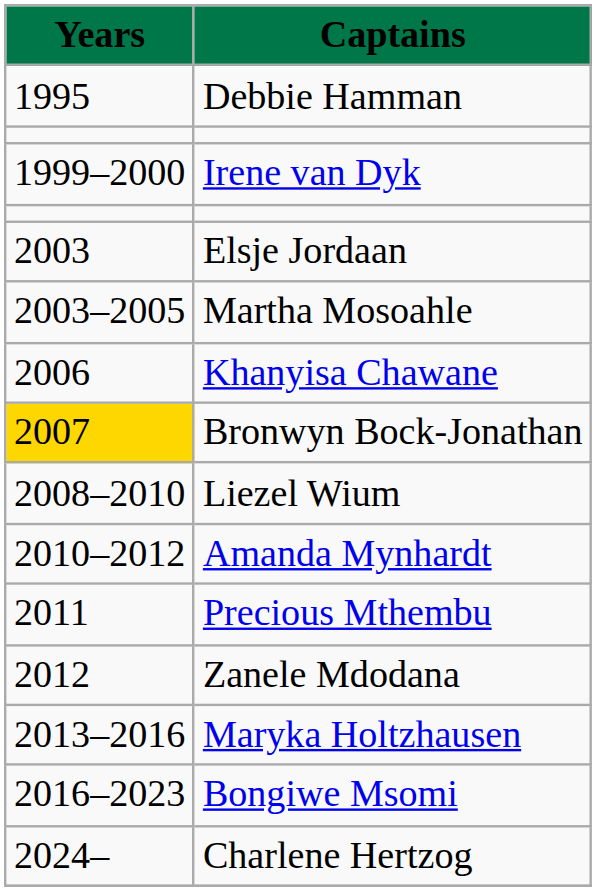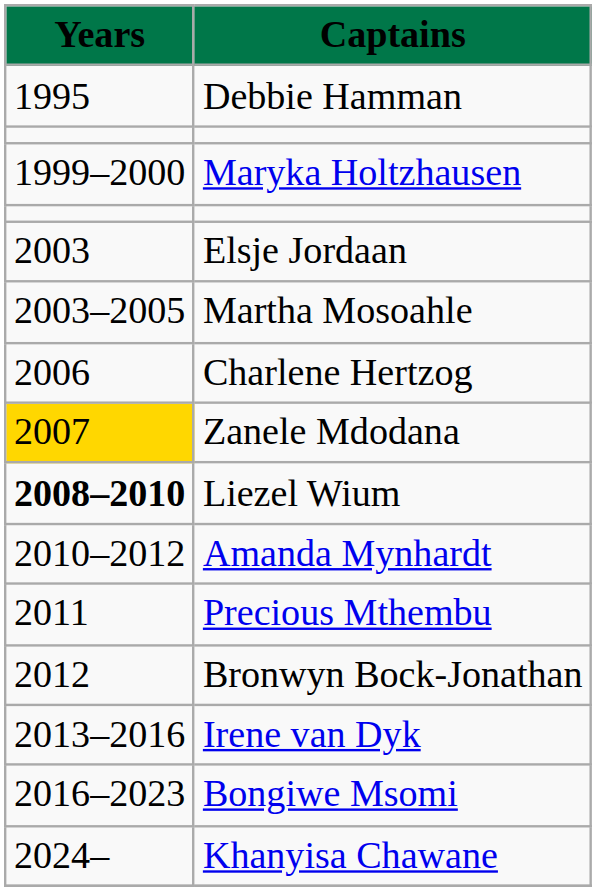 <table class="wikitable collapsible" border="1">
 <tr>
 <th style="background:#007749;"><span>Years</span></th>
 <th style="background:#007749;"><span>Captains</span></th>
 </tr>
 <tr>
 <td>1995</td>
 <td>Debbie Hamman</td>
 </tr>
 <tr>
 <td></td>
 </tr>
 <tr>
 <td>1999–2000</td>
-<td><a href='#'>Irene van Dyk</a></td>
+<td><a href='#'>Maryka Holtzhausen</a></td>
 </tr>
 <tr>
 <td></td>
 </tr>
 <tr>
 <td>2003</td>
 <td>Elsje Jordaan</td>
 </tr>
 <tr>
 <td>2003–2005</td>
 <td>Martha Mosoahle</td>
 </tr>
 <tr>
 <td>2006</td>
-<td><a href='#'>Khanyisa Chawane</a></td>
+<td>Charlene Hertzog</td>
 </tr>
 <tr>
 <td style="background: gold;">2007</td>
-<td>Bronwyn Bock-Jonathan</td>
+<td>Zanele Mdodana</td>
 </tr>
 <tr>
-<td>2008–2010</td>
+<td><strong>2008–2010</strong></td>
 <td>Liezel Wium</td>
 </tr>
 <tr>
 <td>2010–2012</td>
 <td><a href='#'>Amanda Mynhardt</a></td>
 </tr>
 <tr>
 <td>2011</td>
 <td><a href='#'>Precious Mthembu</a></td>
 </tr>
 <tr>
 <td>2012</td>
-<td>Zanele Mdodana</td>
+<td>Bronwyn Bock-Jonathan</td>
 </tr>
 <tr>
 <td>2013–2016</td>
-<td><a href='#'>Maryka Holtzhausen</a></td>
+<td><a href='#'>Irene van Dyk</a></td>
 </tr>
 <tr>
 <td>2016–2023</td>
 <td><a href='#'>Bongiwe Msomi</a></td>
 </tr>
 <tr>
 <td>2024–</td>
-<td>Charlene Hertzog</td>
+<td><a href='#'>Khanyisa Chawane</a></td>
 </tr>
 <tr>
 </tr>
 </table>
